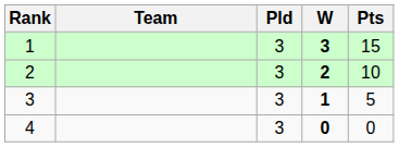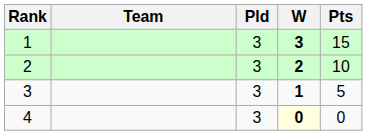 <table class="wikitable">
 <tr>
 </tr>
 <tr>
 <th style="width:35px;">Rank</th>
 <th style="width:180px;">Team</th>
 <th style="width:35px;">Pld</th>
 <th style="width:35px;">W</th>
 <th style="width:35px;">Pts</th>
 </tr>
 <tr bgcolor=#ccffcc>
 <td align=center>1</td>
 <td></td>
 <td align=center>3</td>
 <td align=center><strong>3</strong></td>
 <td align=center>15</td>
 </tr>
 <tr bgcolor=#ccffcc>
 <td align=center>2</td>
 <td></td>
 <td align=center>3</td>
 <td align=center><strong>2</strong></td>
 <td align=center>10</td>
 </tr>
 <tr>
 <td align=center>3</td>
 <td></td>
 <td align=center>3</td>
 <td align=center><strong>1</strong></td>
 <td align=center>5</td>
 </tr>
 <tr>
 <td align=center>4</td>
 <td></td>
 <td align=center>3</td>
-<td align=center><strong>0</strong></td>
+<td align=center style="background: lightyellow;"><strong>0</strong></td>
 <td align=center>0</td>
 </tr>
 </table>
